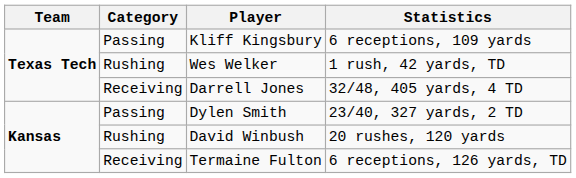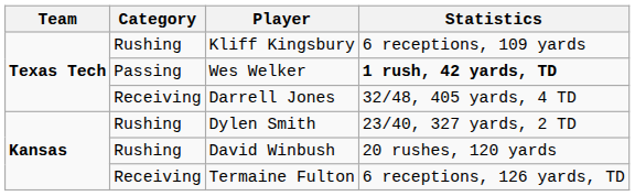 <table class="wikitable" style="float: left;">
 <tr>
 <th>Team</th>
 <th>Category</th>
 <th>Player</th>
 <th>Statistics</th>
 </tr>
 <tr>
 <td rowspan=3><strong>Texas Tech</strong></td>
-<td>Passing</td>
+<td>Rushing</td>
 <td>Kliff Kingsbury</td>
 <td>6 receptions, 109 yards</td>
 </tr>
 <tr>
-<td>Rushing</td>
+<td>Passing</td>
 <td>Wes Welker</td>
-<td>1 rush, 42 yards, TD</td>
+<td><strong>1 rush, 42 yards, TD</strong></td>
 </tr>
 <tr>
 <td>Receiving</td>
 <td>Darrell Jones</td>
 <td>32/48, 405 yards, 4 TD</td>
 </tr>
 <tr>
 <td rowspan=3><strong>Kansas</strong></td>
-<td>Passing</td>
+<td>Rushing</td>
 <td>Dylen Smith</td>
 <td>23/40, 327 yards, 2 TD</td>
 </tr>
 <tr>
 <td>Rushing</td>
 <td>David Winbush</td>
 <td>20 rushes, 120 yards</td>
 </tr>
 <tr>
 <td>Receiving</td>
 <td>Termaine Fulton</td>
 <td>6 receptions, 126 yards, TD</td>
 </tr>
 </table>
